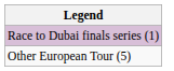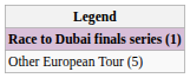 <table class="wikitable" style="font-size:95%;">
 <tr>
 <th>Legend</th>
 </tr>
 <tr style="background:thistle;">
-<td>Race to Dubai finals series (1)</td>
+<td><strong>Race to Dubai finals series (1)</strong></td>
 </tr>
 <tr>
 <td>Other European Tour (5)</td>
 </tr>
 </table>
